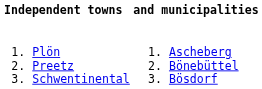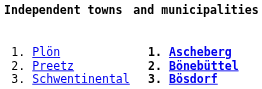 <table>
 <tr ---->
 <th>Independent towns</th>
 <th>and municipalities</th>
 </tr>
 <tr>
 <td valign=top><br><ol><li><a href='#'>Plön</a></li><li><a href='#'>Preetz</a></li><li><a href='#'>Schwentinental</a></li></ol></td>
-<td valign=top><br><ol><li><a href='#'>Ascheberg</a></li><li><a href='#'>Bönebüttel</a></li><li><a href='#'>Bösdorf</a></li></ol></td>
+<td valign=top><strong><br><ol><li><a href='#'>Ascheberg</a></li><li><a href='#'>Bönebüttel</a></li><li><a href='#'>Bösdorf</a></li></ol></strong></td>
 </tr>
 </table>
